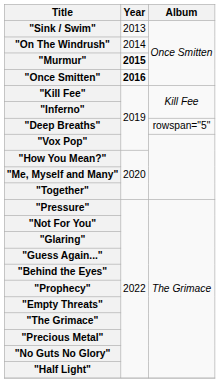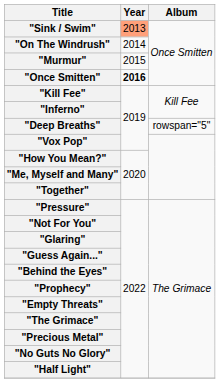 <table class="wikitable plainrowheaders" style="text-align:center;">
 <tr>
 <th scope="col">Title</th>
 <th scope="col">Year</th>
 <th scope="col">Album</th>
 </tr>
 <tr>
 <th scope="row">"Sink / Swim"</th>
-<td>2013</td>
+<td style="background: lightsalmon;">2013</td>
 <td rowspan="4"><em>Once Smitten</em></td>
 </tr>
 <tr>
 <th scope="row">"On The Windrush"</th>
 <td rowspan="1">2014</td>
 </tr>
 <tr>
 <th scope="row">"Murmur"</th>
-<td><strong>2015</strong></td>
+<td>2015</td>
 </tr>
 <tr>
 <th scope="row">"Once Smitten"</th>
 <td rowspan="1"><strong>2016</strong></td>
 </tr>
 <tr>
 <th scope="row">"Kill Fee"</th>
 <td rowspan="4">2019</td>
 <td rowspan="2"><em>Kill Fee</em></td>
 </tr>
 <tr>
 <th scope="row">"Inferno"</th>
 </tr>
 <tr>
 <th scope="row">"Deep Breaths"</th>
 <td>rowspan="5" </td>
 </tr>
 <tr>
 <th scope="row">"Vox Pop"</th>
 </tr>
 <tr>
 <th scope="row">"How You Mean?"<br></th>
 <td rowspan="3">2020</td>
 </tr>
 <tr>
 <th scope="row">"Me, Myself and Many"</th>
 </tr>
 <tr>
 <th scope="row">"Together"</th>
 </tr>
 <tr>
 <th scope="row">"Pressure"</th>
 <td rowspan="11">2022</td>
 <td rowspan="11"><em>The Grimace</em></td>
 </tr>
 <tr>
 <th scope="row">"Not For You"<br></th>
 </tr>
 <tr>
 <th scope="row">"Glaring"<br></th>
 </tr>
 <tr>
 <th scope="row">"Guess Again..."</th>
 </tr>
 <tr>
 <th scope="row">"Behind the Eyes"</th>
 </tr>
 <tr>
 <th scope="row">"Prophecy"</th>
 </tr>
 <tr>
 <th scope="row">"Empty Threats"</th>
 </tr>
 <tr>
 <th scope="row">"The Grimace"</th>
 </tr>
 <tr>
 <th scope="row">"Precious Metal"</th>
 </tr>
 <tr>
 <th scope="row">"No Guts No Glory"</th>
 </tr>
 <tr>
 <th scope="row">"Half Light"</th>
 </tr>
 <tr>
 </tr>
 </table>
